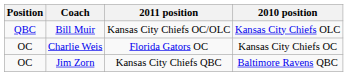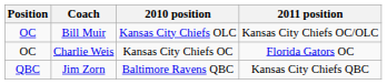 <table class="wikitable sortable" style="text-align:center">
 <tr>
 <th>Position</th>
 <th>Coach</th>
+<th>2010 position</th>
 <th>2011 position</th>
-<th>2010 position</th>
 </tr>
 <tr>
-<td><a href='#'>QBC</a></td>
+<td><a href='#'>OC</a></td>
 <td><a href='#'>Bill Muir</a></td>
+<td><a href='#'>Kansas City Chiefs</a> OLC</td>
 <td>Kansas City Chiefs OC/OLC</td>
-<td><a href='#'>Kansas City Chiefs</a> OLC</td>
 </tr>
 <tr>
 <td>OC</td>
 <td><a href='#'>Charlie Weis</a></td>
+<td>Kansas City Chiefs OC</td>
 <td><a href='#'>Florida Gators</a> OC</td>
-<td>Kansas City Chiefs OC</td>
 </tr>
 <tr>
-<td>OC</td>
+<td><a href='#'>QBC</a></td>
 <td><a href='#'>Jim Zorn</a></td>
+<td><a href='#'>Baltimore Ravens</a> QBC</td>
 <td>Kansas City Chiefs QBC</td>
-<td><a href='#'>Baltimore Ravens</a> QBC</td>
 </tr>
 </table>
